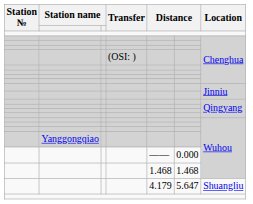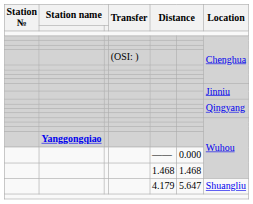 <table class="wikitable">
 <tr>
 <th rowspan="2">Station<br>№</th>
 <th colspan=2>Station name</th>
 <th rowspan=2>Transfer</th>
 <th colspan="2" rowspan="2">Distance<br></th>
 <th rowspan=2>Location</th>
 </tr>
 <tr>
 <th></th>
 <th></th>
 </tr>
 <tr style="background:#">
 <td colspan="7"></td>
 </tr>
 <tr bgcolor="lightgrey">
 <td></td>
 <td></td>
 <td></td>
 <td></td>
 <td></td>
 <td></td>
 <td rowspan="8"><a href='#'>Chenghua</a></td>
 </tr>
 <tr bgcolor="lightgrey">
 <td></td>
 <td></td>
 <td></td>
 <td></td>
 <td></td>
 <td></td>
 </tr>
 <tr bgcolor="lightgrey">
 <td></td>
 <td></td>
 <td></td>
 <td></td>
 <td></td>
 <td></td>
 </tr>
 <tr bgcolor="lightgrey">
 <td></td>
 <td></td>
 <td></td>
 <td> (OSI: )</td>
 <td></td>
 <td></td>
 </tr>
 <tr bgcolor="lightgrey">
 <td></td>
 <td></td>
 <td></td>
 <td></td>
 <td></td>
 <td></td>
 </tr>
 <tr bgcolor="lightgrey">
 <td></td>
 <td></td>
 <td></td>
 <td></td>
 <td></td>
 <td></td>
 </tr>
 <tr bgcolor="lightgrey">
 <td></td>
 <td></td>
 <td></td>
 <td></td>
 <td></td>
 <td></td>
 </tr>
 <tr bgcolor="lightgrey">
 <td></td>
 <td></td>
 <td></td>
 <td></td>
 <td></td>
 <td></td>
 </tr>
 <tr bgcolor="lightgrey">
 <td></td>
 <td></td>
 <td></td>
 <td></td>
 <td></td>
 <td></td>
 <td rowspan="2"><a href='#'>Jinniu</a></td>
 </tr>
 <tr bgcolor="lightgrey">
 <td></td>
 <td></td>
 <td></td>
 <td></td>
 <td></td>
 <td></td>
 </tr>
 <tr bgcolor="lightgrey">
 <td></td>
 <td></td>
 <td></td>
 <td></td>
 <td></td>
 <td></td>
 <td rowspan="4"><a href='#'>Qingyang</a></td>
 </tr>
 <tr bgcolor="lightgrey">
 <td></td>
 <td></td>
 <td></td>
 <td> </td>
 <td></td>
 <td></td>
 </tr>
 <tr bgcolor="lightgrey">
 <td></td>
 <td></td>
 <td></td>
 <td></td>
 <td></td>
 <td></td>
 </tr>
 <tr bgcolor="lightgrey">
 <td></td>
 <td></td>
 <td></td>
 <td></td>
 <td></td>
 <td></td>
 </tr>
 <tr bgcolor="lightgrey">
 <td></td>
 <td></td>
 <td></td>
 <td></td>
 <td></td>
 <td></td>
 <td rowspan="6"><a href='#'>Wuhou</a></td>
 </tr>
 <tr bgcolor="lightgrey">
 <td></td>
 <td></td>
 <td></td>
 <td></td>
 <td></td>
 <td></td>
 </tr>
 <tr bgcolor="lightgrey">
 <td></td>
 <td></td>
 <td></td>
 <td></td>
 <td></td>
 <td></td>
 </tr>
 <tr bgcolor="lightgrey">
 <td></td>
-<td><a href='#'>Yanggongqiao</a></td>
+<td><strong><a href='#'>Yanggongqiao</a></strong></td>
 <td></td>
 <td></td>
 <td></td>
 <td></td>
 </tr>
 <tr>
 <td></td>
 <td></td>
 <td></td>
 <td></td>
 <td>——</td>
 <td>0.000</td>
 </tr>
 <tr>
 <td></td>
 <td></td>
 <td></td>
 <td></td>
 <td>1.468</td>
 <td>1.468</td>
 </tr>
 <tr>
 <td></td>
 <td></td>
 <td></td>
 <td></td>
 <td>4.179</td>
 <td>5.647</td>
 <td><a href='#'>Shuangliu</a></td>
 </tr>
 <tr style="background:#">
 <td colspan="7"></td>
 </tr>
 </table>
